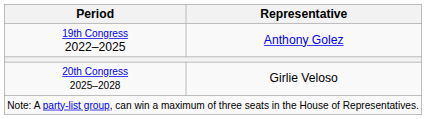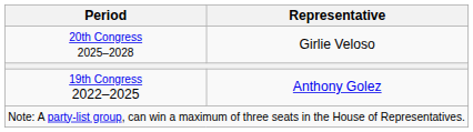 <table class="wikitable" style="text-align:center">
 <tr>
 <th>Period</th>
 <th>Representative</th>
 </tr>
 <tr>
-<td><small><a href='#'>19th Congress</a></small><br>2022&#x2013;2025</td>
-<td><a href='#'>Anthony Golez</a></td>
+<td><small><a href='#'>20th Congress</a></small><br><small>2025&#x2013;2028</small> </td>
+<td>Girlie Veloso</td>
 </tr>
 <tr>
 <th colspan="2"></th>
 </tr>
 <tr>
-<td><small><a href='#'>20th Congress</a></small><br><small>2025&#x2013;2028</small> </td>
-<td>Girlie Veloso</td>
+<td><small><a href='#'>19th Congress</a></small><br>2022&#x2013;2025</td>
+<td><a href='#'>Anthony Golez</a></td>
 </tr>
 <tr>
 <td colspan="2"><small>Note: A <a href='#'>party-list group</a>, can win a maximum of three seats in the House of Representatives.</small></td>
 </tr>
 </table>
